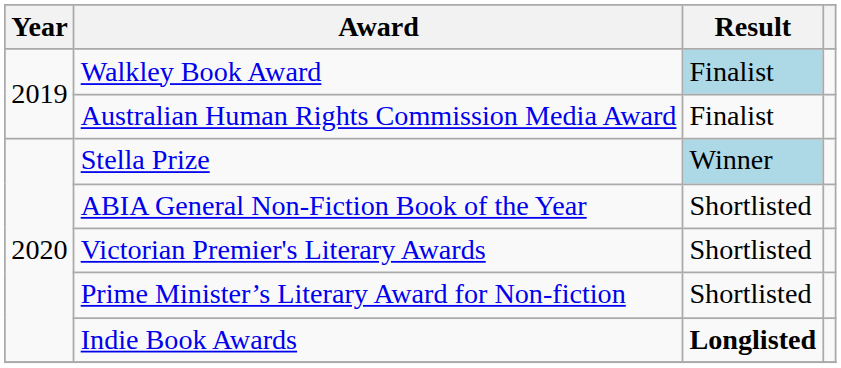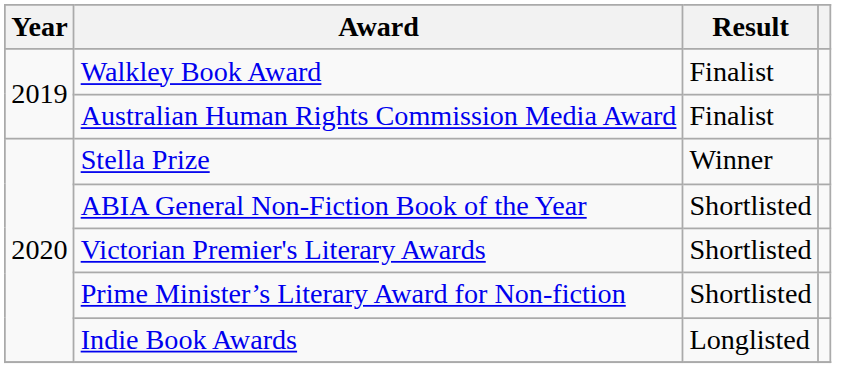 <table class="wikitable">
 <tr>
 <th>Year</th>
 <th>Award</th>
 <th>Result</th>
 <th></th>
 </tr>
 <tr>
 <td rowspan="2">2019</td>
 <td><a href='#'>Walkley Book Award</a></td>
-<td style="background: lightblue;">Finalist</td>
+<td>Finalist</td>
 <td></td>
 </tr>
 <tr>
 <td><a href='#'>Australian Human Rights Commission Media Award</a></td>
 <td>Finalist</td>
 <td></td>
 </tr>
 <tr>
 <td rowspan="5">2020</td>
 <td><a href='#'>Stella Prize</a></td>
-<td style="background: lightblue;">Winner</td>
+<td>Winner</td>
 <td></td>
 </tr>
 <tr>
 <td><a href='#'>ABIA General Non-Fiction Book of the Year</a></td>
 <td>Shortlisted</td>
 <td></td>
 </tr>
 <tr>
 <td><a href='#'>Victorian Premier's Literary Awards</a></td>
 <td>Shortlisted</td>
 <td></td>
 </tr>
 <tr>
 <td><a href='#'>Prime Minister’s Literary Award for Non-fiction</a></td>
 <td>Shortlisted</td>
 <td></td>
 </tr>
 <tr>
 <td><a href='#'>Indie Book Awards</a></td>
-<td><strong>Longlisted</strong></td>
+<td>Longlisted</td>
 <td></td>
 </tr>
 <tr>
 </tr>
 </table>
